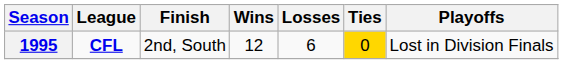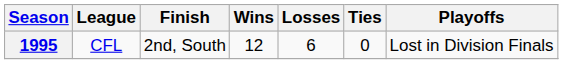 <table class="wikitable" style="text-align:center">
 <tr>
 <th><a href='#'>Season</a></th>
 <th>League</th>
 <th>Finish</th>
 <th>Wins</th>
 <th>Losses</th>
 <th>Ties</th>
 <th>Playoffs</th>
 </tr>
 <tr>
 <th><a href='#'>1995</a></th>
-<td><strong><a href='#'>CFL</a></strong></td>
+<td><a href='#'>CFL</a></td>
 <td>2nd, South</td>
 <td>12</td>
 <td>6</td>
-<td style="background: gold;">0</td>
+<td>0</td>
 <td>Lost in Division Finals</td>
 </tr>
 <tr>
 </tr>
 </table>
